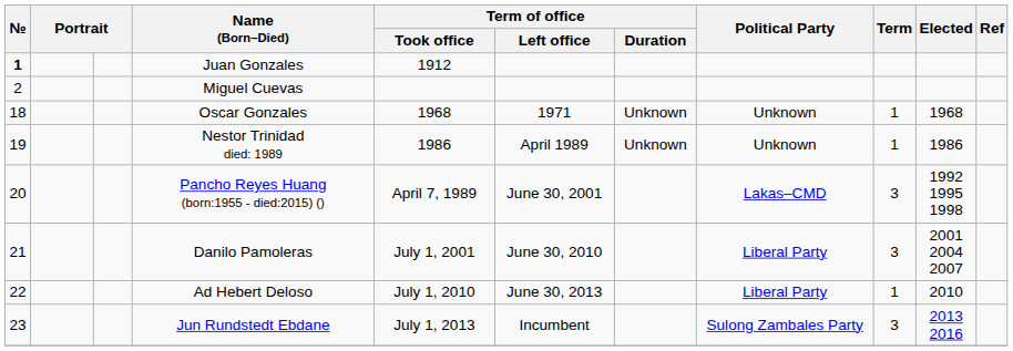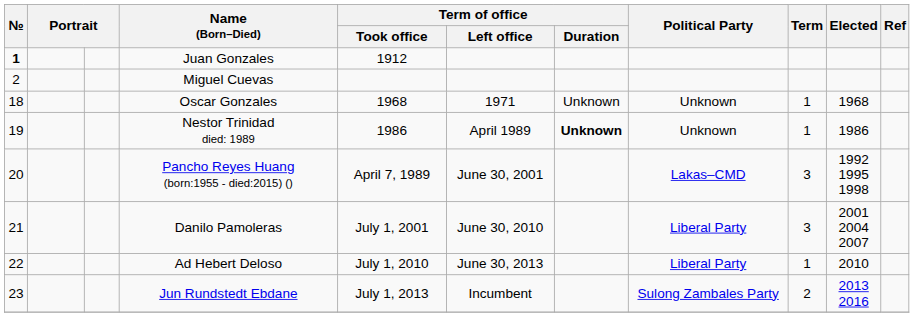 <table class="wikitable"  style="text-align:center">
 <tr>
 <th rowspan=2 style="width:20px;">№</th>
 <th rowspan=2 colspan=2 style="width:100px;">Portrait</th>
 <th style="width:250px;" rowspan=2>Name<br><small>(Born–Died)</small></th>
 <th colspan=3>Term of office</th>
 <th style="width:180px;" rowspan="2">Political Party</th>
 <th style="width:20px;" rowspan="2">Term</th>
 <th style="width:40px;" rowspan="2">Elected</th>
 <th rowspan=2 style="width:20px;">Ref</th>
 </tr>
 <tr>
 <th style="width:120px;">Took office</th>
 <th style="width:120px;">Left office</th>
 <th style="width:80px;">Duration</th>
 </tr>
 <tr>
 <td><strong>1</strong></td>
 <td></td>
 <td></td>
 <td>Juan Gonzales</td>
 <td>1912</td>
 <td></td>
 <td></td>
 <td></td>
 <td></td>
 <td></td>
 <td></td>
 </tr>
 <tr>
 <td>2</td>
 <td></td>
 <td></td>
 <td>Miguel Cuevas</td>
 <td></td>
 <td></td>
 <td></td>
 <td></td>
 <td></td>
 <td></td>
 <td></td>
 </tr>
 <tr>
 <td>18</td>
 <td></td>
 <td></td>
 <td>Oscar Gonzales</td>
 <td>1968</td>
 <td>1971</td>
 <td>Unknown</td>
 <td>Unknown</td>
 <td>1</td>
 <td>1968</td>
 <td></td>
 </tr>
 <tr>
 <td>19</td>
 <td></td>
 <td></td>
 <td>Nestor Trinidad<br><small>died: 1989</small></td>
 <td>1986</td>
 <td>April 1989</td>
-<td>Unknown</td>
+<td><strong>Unknown</strong></td>
 <td>Unknown</td>
 <td>1</td>
 <td>1986</td>
 <td></td>
 </tr>
 <tr>
 <td>20</td>
 <td style="background: "> </td>
 <td></td>
 <td><a href='#'>Pancho Reyes Huang</a><br><small>(born:1955 - died:2015) ()</small></td>
 <td>April 7, 1989</td>
 <td>June 30, 2001</td>
 <td></td>
 <td><a href='#'>Lakas–CMD</a></td>
 <td>3</td>
 <td>1992<br>1995<br>1998</td>
 <td></td>
 </tr>
 <tr>
 <td>21</td>
 <td></td>
 <td></td>
 <td>Danilo Pamoleras</td>
 <td>July 1, 2001</td>
 <td>June 30, 2010</td>
 <td></td>
 <td><a href='#'>Liberal Party</a></td>
 <td>3</td>
 <td>2001<br>2004<br>2007</td>
 <td></td>
 </tr>
 <tr>
 <td>22</td>
 <td style="background: "> </td>
 <td></td>
 <td>Ad Hebert Deloso</td>
 <td>July 1, 2010</td>
 <td>June 30, 2013</td>
 <td></td>
 <td><a href='#'>Liberal Party</a></td>
 <td>1</td>
 <td>2010</td>
 <td></td>
 </tr>
 <tr>
 <td>23</td>
 <td style="background: "> </td>
 <td></td>
 <td><a href='#'>Jun Rundstedt Ebdane</a><br><small></small></td>
 <td>July 1, 2013</td>
 <td>Incumbent</td>
 <td></td>
 <td><a href='#'>Sulong Zambales Party</a></td>
-<td>3</td>
+<td>2</td>
 <td><a href='#'>2013</a><br><a href='#'>2016</a></td>
 <td></td>
 </tr>
 <tr>
 </tr>
 </table>
